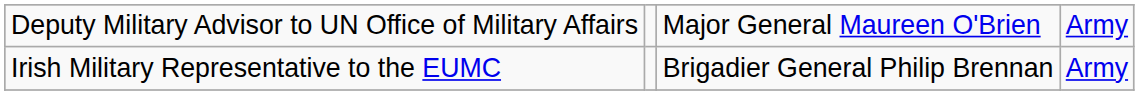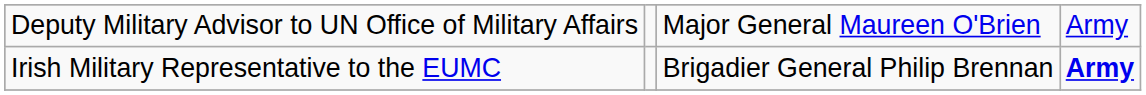 <table class="wikitable">
 <tr>
 <td>Deputy Military Advisor to UN Office of Military Affairs</td>
 <td></td>
 <td> Major General <a href='#'>Maureen O'Brien</a></td>
 <td> <a href='#'>Army</a></td>
 </tr>
 <tr>
 <td>Irish Military Representative to the <a href='#'>EUMC</a></td>
 <td></td>
 <td> Brigadier General Philip Brennan</td>
-<td> <a href='#'>Army</a></td>
+<td><strong> <a href='#'>Army</a></strong></td>
 </tr>
 </table>
